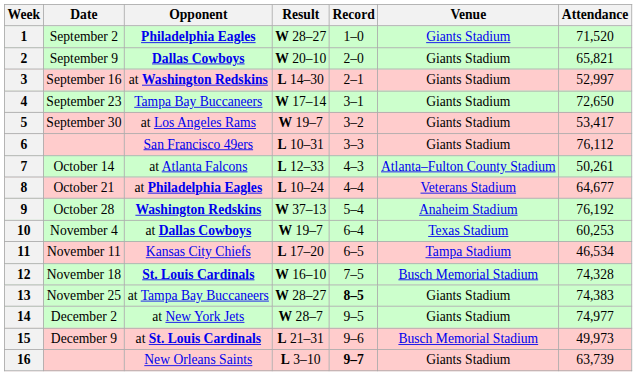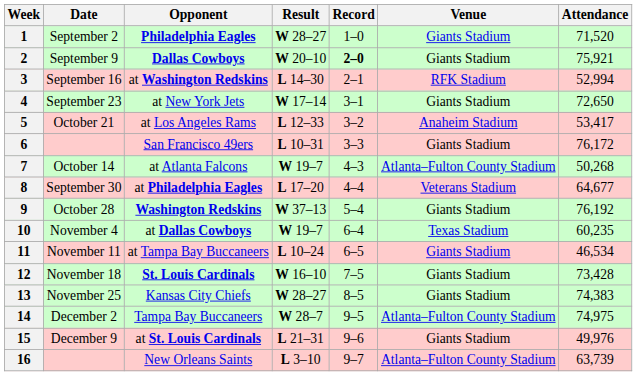 <table class="wikitable" style="text-align:center">
 <tr>
 <th>Week</th>
 <th>Date</th>
 <th>Opponent</th>
 <th>Result</th>
 <th>Record</th>
 <th>Venue</th>
 <th>Attendance</th>
 </tr>
 <tr style="background:#cfc">
 <th>1</th>
 <td>September 2</td>
 <td><strong><a href='#'>Philadelphia Eagles</a></strong></td>
 <td><strong>W</strong> 28–27</td>
 <td>1–0</td>
 <td><a href='#'>Giants Stadium</a></td>
 <td>71,520</td>
 </tr>
 <tr style="background:#cfc">
 <th>2</th>
 <td>September 9</td>
 <td><strong><a href='#'>Dallas Cowboys</a></strong></td>
 <td><strong>W</strong> 20–10</td>
-<td>2–0</td>
+<td><strong>2–0</strong></td>
 <td>Giants Stadium</td>
-<td>65,821</td>
+<td>75,921</td>
 </tr>
 <tr style="background:#fcc">
 <th>3</th>
 <td>September 16</td>
 <td>at <strong><a href='#'>Washington Redskins</a></strong></td>
 <td><strong>L</strong> 14–30</td>
 <td>2–1</td>
-<td>Giants Stadium</td>
-<td>52,997</td>
+<td><a href='#'>RFK Stadium</a></td>
+<td>52,994</td>
 </tr>
 <tr style="background:#cfc">
 <th>4</th>
 <td>September 23</td>
-<td><a href='#'>Tampa Bay Buccaneers</a></td>
+<td>at <a href='#'>New York Jets</a></td>
 <td><strong>W</strong> 17–14</td>
 <td>3–1</td>
 <td>Giants Stadium</td>
 <td>72,650</td>
 </tr>
 <tr style="background:#fcc">
 <th>5</th>
-<td>September 30</td>
+<td>October 21</td>
 <td>at <a href='#'>Los Angeles Rams</a></td>
-<td><strong>W</strong> 19–7</td>
+<td><strong>L</strong> 12–33</td>
 <td>3–2</td>
-<td>Giants Stadium</td>
+<td><a href='#'>Anaheim Stadium</a></td>
 <td>53,417</td>
 </tr>
 <tr style="background:#fcc">
 <th>6</th>
 <td></td>
 <td><a href='#'>San Francisco 49ers</a></td>
 <td><strong>L</strong> 10–31</td>
 <td>3–3</td>
 <td>Giants Stadium</td>
-<td>76,112</td>
+<td>76,172</td>
 </tr>
 <tr style="background:#cfc">
 <th>7</th>
 <td>October 14</td>
 <td>at <a href='#'>Atlanta Falcons</a></td>
-<td><strong>L</strong> 12–33</td>
+<td><strong>W</strong> 19–7</td>
 <td>4–3</td>
 <td><a href='#'>Atlanta–Fulton County Stadium</a></td>
-<td>50,261</td>
+<td>50,268</td>
 </tr>
 <tr style="background:#fcc">
 <th>8</th>
-<td>October 21</td>
+<td>September 30</td>
 <td>at <strong><a href='#'>Philadelphia Eagles</a></strong></td>
-<td><strong>L</strong> 10–24</td>
+<td><strong>L</strong> 17–20</td>
 <td>4–4</td>
 <td><a href='#'>Veterans Stadium</a></td>
 <td>64,677</td>
 </tr>
 <tr style="background:#cfc">
 <th>9</th>
 <td>October 28</td>
 <td><strong><a href='#'>Washington Redskins</a></strong></td>
 <td><strong>W</strong> 37–13</td>
 <td>5–4</td>
-<td><a href='#'>Anaheim Stadium</a></td>
+<td>Giants Stadium</td>
 <td>76,192</td>
 </tr>
 <tr style="background:#cfc">
 <th>10</th>
 <td>November 4</td>
 <td>at <strong><a href='#'>Dallas Cowboys</a></strong></td>
 <td><strong>W</strong> 19–7</td>
 <td>6–4</td>
 <td><a href='#'>Texas Stadium</a></td>
-<td>60,253</td>
+<td>60,235</td>
 </tr>
 <tr style="background:#fcc">
 <th>11</th>
 <td>November 11</td>
-<td><a href='#'>Kansas City Chiefs</a></td>
-<td><strong>L</strong> 17–20</td>
+<td>at <a href='#'>Tampa Bay Buccaneers</a></td>
+<td><strong>L</strong> 10–24</td>
 <td>6–5</td>
-<td><a href='#'>Tampa Stadium</a></td>
+<td><a href='#'>Giants Stadium</a></td>
 <td>46,534</td>
 </tr>
 <tr style="background:#cfc">
 <th>12</th>
 <td>November 18</td>
 <td><strong><a href='#'>St. Louis Cardinals</a></strong></td>
 <td><strong>W</strong> 16–10</td>
 <td>7–5</td>
-<td><a href='#'>Busch Memorial Stadium</a></td>
-<td>74,328</td>
+<td>Giants Stadium</td>
+<td>73,428</td>
 </tr>
 <tr style="background:#cfc">
 <th>13</th>
 <td>November 25</td>
-<td>at <a href='#'>Tampa Bay Buccaneers</a></td>
+<td><a href='#'>Kansas City Chiefs</a></td>
 <td><strong>W</strong> 28–27</td>
-<td><strong>8–5</strong></td>
+<td>8–5</td>
 <td>Giants Stadium</td>
 <td>74,383</td>
 </tr>
 <tr style="background:#cfc">
 <th>14</th>
 <td>December 2</td>
-<td>at <a href='#'>New York Jets</a></td>
+<td><a href='#'>Tampa Bay Buccaneers</a></td>
 <td><strong>W</strong> 28–7</td>
 <td>9–5</td>
-<td>Giants Stadium</td>
-<td>74,977</td>
+<td><a href='#'>Atlanta–Fulton County Stadium</a></td>
+<td>74,975</td>
 </tr>
 <tr style="background:#fcc">
 <th>15</th>
 <td>December 9</td>
 <td>at <strong><a href='#'>St. Louis Cardinals</a></strong></td>
 <td><strong>L</strong> 21–31</td>
 <td>9–6</td>
-<td><a href='#'>Busch Memorial Stadium</a></td>
-<td>49,973</td>
+<td>Giants Stadium</td>
+<td>49,976</td>
 </tr>
 <tr style="background:#fcc">
 <th>16</th>
 <td></td>
 <td><a href='#'>New Orleans Saints</a></td>
 <td><strong>L</strong> 3–10</td>
-<td><strong>9–7</strong></td>
-<td>Giants Stadium</td>
+<td>9–7</td>
+<td><a href='#'>Atlanta–Fulton County Stadium</a></td>
 <td>63,739</td>
 </tr>
 </table>
